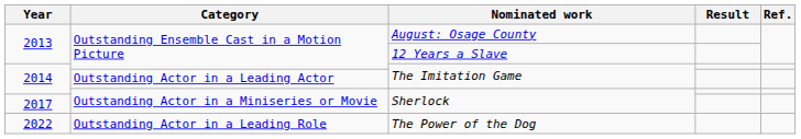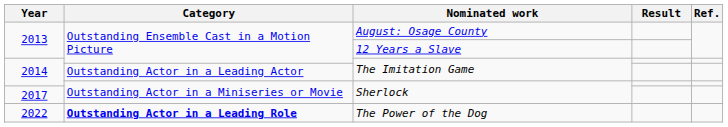 <table class=wikitable>
 <tr>
 <th scope="col" style="width:5em;">Year</th>
 <th scope="col" style="width:26em;">Category</th>
 <th scope="col" style="width:25em;">Nominated work</th>
 <th scope="col" style="width:5em;">Result</th>
 <th>Ref.</th>
 </tr>
 <tr>
 <td style="text-align:center;", rowspan=2><a href='#'>2013</a></td>
 <td rowspan=3><a href='#'>Outstanding Ensemble Cast in a Motion Picture</a></td>
 <td><em><a href='#'>August: Osage County</a></em></td>
 <td></td>
 <td rowspan=2 align="center"></td>
 </tr>
 <tr>
 <td><em><a href='#'>12 Years a Slave</a></em></td>
 <td></td>
 </tr>
 <tr>
 <td style="text-align:center;", rowspan=3><a href='#'>2014</a></td>
 <td rowspan=2><em>The Imitation Game</em></td>
 <td></td>
 <td align="center"></td>
 </tr>
 <tr>
 <td><a href='#'>Outstanding Actor in a Leading Actor</a></td>
 <td></td>
 <td align="center"></td>
 </tr>
 <tr>
 <td rowspan=2><a href='#'>Outstanding Actor in a Miniseries or Movie</a></td>
 <td rowspan=2><em>Sherlock</em></td>
 <td></td>
 <td align="center"></td>
 </tr>
 <tr>
 <td style="text-align:center;"><a href='#'>2017</a></td>
 <td></td>
 <td align="center"></td>
 </tr>
 <tr>
 <td style="text-align:center;"><a href='#'>2022</a></td>
-<td><a href='#'>Outstanding Actor in a Leading Role</a></td>
+<td><strong><a href='#'>Outstanding Actor in a Leading Role</a></strong></td>
 <td><em>The Power of the Dog</em></td>
 <td></td>
 <td align="center"></td>
 </tr>
 </table>
